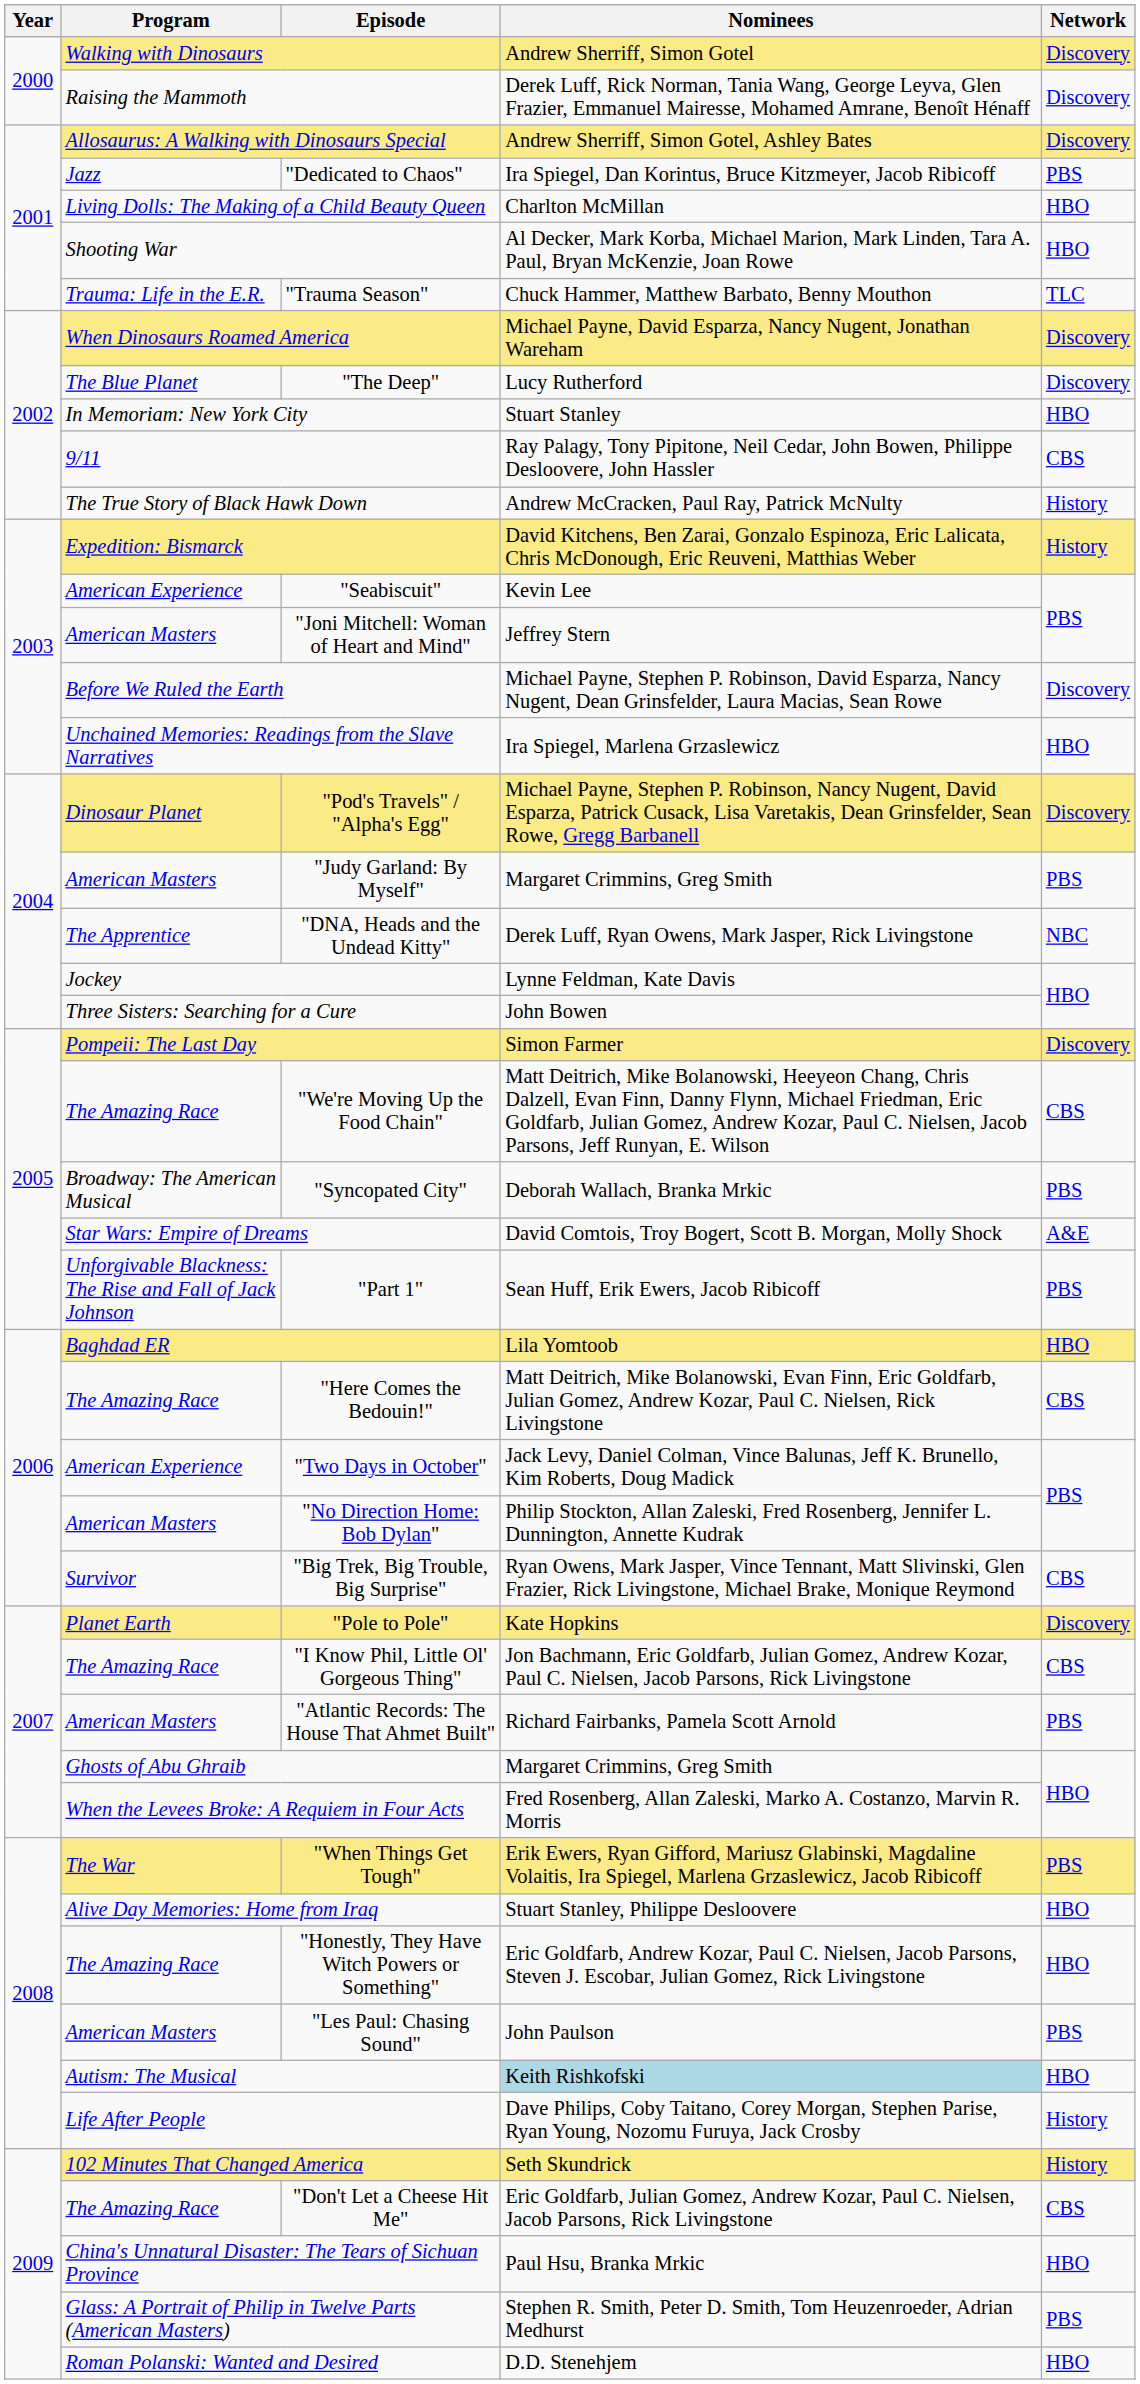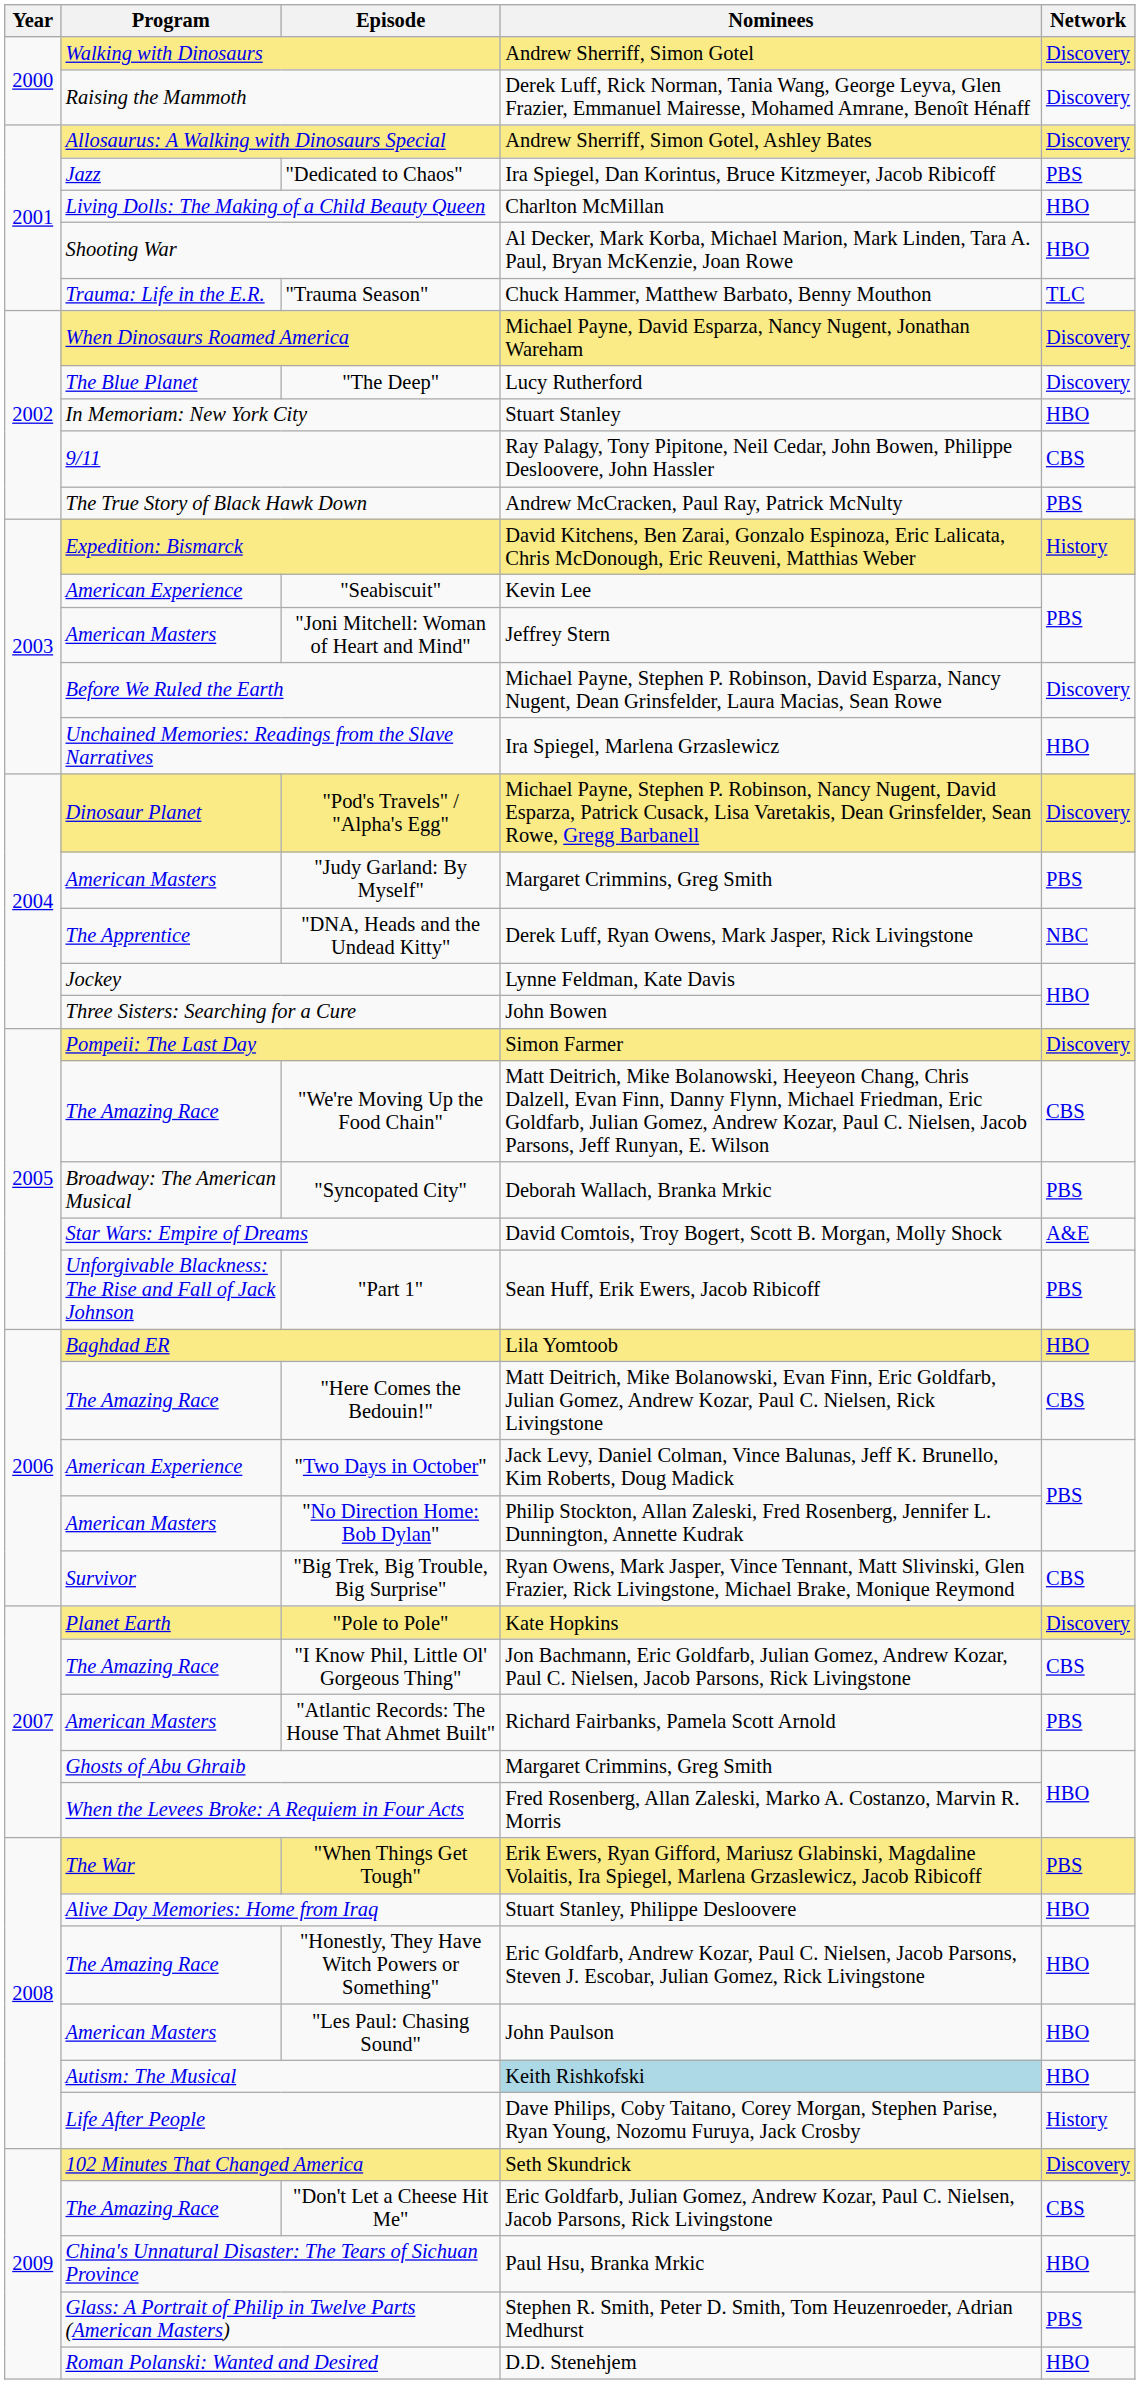 <table class="wikitable" style="width:100%">
 <tr style="background:#bebebe;">
 <th style="width:5%;">Year</th>
 <th style="width:20%;">Program</th>
 <th style="width:20%;">Episode</th>
 <th style="width:50%;">Nominees</th>
 <th style="width:5%;">Network</th>
 </tr>
 <tr>
 <td rowspan=2 style="text-align:center;"><a href='#'>2000</a><br></td>
 <td style="background:#FAEB86;" colspan=2><em><a href='#'>Walking with Dinosaurs</a></em></td>
 <td style="background:#FAEB86;">Andrew Sherriff, Simon Gotel</td>
 <td style="background:#FAEB86;"><a href='#'>Discovery</a></td>
 </tr>
 <tr>
 <td colspan=2><em>Raising the Mammoth</em></td>
 <td>Derek Luff, Rick Norman, Tania Wang, George Leyva, Glen Frazier, Emmanuel Mairesse, Mohamed Amrane, Benoît Hénaff</td>
 <td><a href='#'>Discovery</a></td>
 </tr>
 <tr>
 <td rowspan=5 style="text-align:center;"><a href='#'>2001</a><br></td>
 <td style="background:#FAEB86;" colspan=2><em><a href='#'>Allosaurus: A Walking with Dinosaurs Special</a></em></td>
 <td style="background:#FAEB86;">Andrew Sherriff, Simon Gotel, Ashley Bates</td>
 <td style="background:#FAEB86;"><a href='#'>Discovery</a></td>
 </tr>
 <tr>
 <td><em><a href='#'>Jazz</a></em></td>
 <td>"Dedicated to Chaos"</td>
 <td>Ira Spiegel, Dan Korintus, Bruce Kitzmeyer, Jacob Ribicoff</td>
 <td><a href='#'>PBS</a></td>
 </tr>
 <tr>
 <td colspan=2><em><a href='#'>Living Dolls: The Making of a Child Beauty Queen</a></em></td>
 <td>Charlton McMillan</td>
 <td><a href='#'>HBO</a></td>
 </tr>
 <tr>
 <td colspan=2><em>Shooting War</em></td>
 <td>Al Decker, Mark Korba, Michael Marion, Mark Linden, Tara A. Paul, Bryan McKenzie, Joan Rowe</td>
 <td><a href='#'>HBO</a></td>
 </tr>
 <tr>
 <td><em><a href='#'>Trauma: Life in the E.R.</a></em></td>
 <td>"Trauma Season"</td>
 <td>Chuck Hammer, Matthew Barbato, Benny Mouthon</td>
 <td><a href='#'>TLC</a></td>
 </tr>
 <tr>
 <td rowspan=5 style="text-align:center;"><a href='#'>2002</a><br></td>
 <td style="background:#FAEB86;" colspan=2><em><a href='#'>When Dinosaurs Roamed America</a></em></td>
 <td style="background:#FAEB86;">Michael Payne, David Esparza, Nancy Nugent, Jonathan Wareham</td>
 <td style="background:#FAEB86;"><a href='#'>Discovery</a></td>
 </tr>
 <tr>
 <td><em><a href='#'>The Blue Planet</a></em></td>
 <td align=center>"The Deep"</td>
 <td>Lucy Rutherford</td>
 <td><a href='#'>Discovery</a></td>
 </tr>
 <tr>
 <td colspan=2><em>In Memoriam: New York City</em></td>
 <td>Stuart Stanley</td>
 <td><a href='#'>HBO</a></td>
 </tr>
 <tr>
 <td colspan=2><em><a href='#'>9/11</a></em></td>
 <td>Ray Palagy, Tony Pipitone, Neil Cedar, John Bowen, Philippe Desloovere, John Hassler</td>
 <td><a href='#'>CBS</a></td>
 </tr>
 <tr>
 <td colspan=2><em>The True Story of Black Hawk Down</em></td>
 <td>Andrew McCracken, Paul Ray, Patrick McNulty</td>
-<td><a href='#'>History</a></td>
+<td><a href='#'>PBS</a></td>
 </tr>
 <tr>
 <td rowspan=5 style="text-align:center;"><a href='#'>2003</a><br></td>
 <td style="background:#FAEB86;" colspan=2><em><a href='#'>Expedition: Bismarck</a></em></td>
 <td style="background:#FAEB86;">David Kitchens, Ben Zarai, Gonzalo Espinoza, Eric Lalicata, Chris McDonough, Eric Reuveni, Matthias Weber</td>
 <td style="background:#FAEB86;"><a href='#'>History</a></td>
 </tr>
 <tr>
 <td><em><a href='#'>American Experience</a></em></td>
 <td align=center>"Seabiscuit"</td>
 <td>Kevin Lee</td>
 <td rowspan=2><a href='#'>PBS</a></td>
 </tr>
 <tr>
 <td><em><a href='#'>American Masters</a></em></td>
 <td align=center>"Joni Mitchell: Woman of Heart and Mind"</td>
 <td>Jeffrey Stern</td>
 </tr>
 <tr>
 <td colspan=2><em><a href='#'>Before We Ruled the Earth</a></em></td>
 <td>Michael Payne, Stephen P. Robinson, David Esparza, Nancy Nugent, Dean Grinsfelder, Laura Macias, Sean Rowe</td>
 <td><a href='#'>Discovery</a></td>
 </tr>
 <tr>
 <td colspan=2><em><a href='#'>Unchained Memories: Readings from the Slave Narratives</a></em></td>
 <td>Ira Spiegel, Marlena Grzaslewicz</td>
 <td><a href='#'>HBO</a></td>
 </tr>
 <tr>
 <td rowspan=5 style="text-align:center;"><a href='#'>2004</a><br></td>
 <td style="background:#FAEB86;"><em><a href='#'>Dinosaur Planet</a></em></td>
 <td style="background:#FAEB86;"  align=center>"Pod's Travels" / "Alpha's Egg"</td>
 <td style="background:#FAEB86;">Michael Payne, Stephen P. Robinson, Nancy Nugent, David Esparza, Patrick Cusack, Lisa Varetakis, Dean Grinsfelder, Sean Rowe, <a href='#'>Gregg Barbanell</a></td>
 <td style="background:#FAEB86;"><a href='#'>Discovery</a></td>
 </tr>
 <tr>
 <td><em><a href='#'>American Masters</a></em></td>
 <td align=center>"Judy Garland: By Myself"</td>
 <td>Margaret Crimmins, Greg Smith</td>
 <td><a href='#'>PBS</a></td>
 </tr>
 <tr>
 <td><em><a href='#'>The Apprentice</a></em></td>
 <td align=center>"DNA, Heads and the Undead Kitty"</td>
 <td>Derek Luff, Ryan Owens, Mark Jasper, Rick Livingstone</td>
 <td><a href='#'>NBC</a></td>
 </tr>
 <tr>
 <td colspan=2><em>Jockey</em></td>
 <td>Lynne Feldman, Kate Davis</td>
 <td rowspan=2><a href='#'>HBO</a></td>
 </tr>
 <tr>
 <td colspan=2><em>Three Sisters: Searching for a Cure</em></td>
 <td>John Bowen</td>
 </tr>
 <tr>
 <td rowspan=5 style="text-align:center;"><a href='#'>2005</a><br></td>
 <td style="background:#FAEB86;" colspan=2><em><a href='#'>Pompeii: The Last Day</a></em></td>
 <td style="background:#FAEB86;">Simon Farmer</td>
 <td style="background:#FAEB86;"><a href='#'>Discovery</a></td>
 </tr>
 <tr>
 <td><em><a href='#'>The Amazing Race</a></em></td>
 <td align=center>"We're Moving Up the Food Chain"</td>
 <td>Matt Deitrich, Mike Bolanowski, Heeyeon Chang, Chris Dalzell, Evan Finn, Danny Flynn, Michael Friedman, Eric Goldfarb, Julian Gomez, Andrew Kozar, Paul C. Nielsen, Jacob Parsons, Jeff Runyan, E. Wilson</td>
 <td><a href='#'>CBS</a></td>
 </tr>
 <tr>
 <td><em>Broadway: The American Musical</em></td>
 <td align=center>"Syncopated City"</td>
 <td>Deborah Wallach, Branka Mrkic</td>
 <td><a href='#'>PBS</a></td>
 </tr>
 <tr>
 <td colspan=2><em><a href='#'>Star Wars: Empire of Dreams</a></em></td>
 <td>David Comtois, Troy Bogert, Scott B. Morgan, Molly Shock</td>
 <td><a href='#'>A&E</a></td>
 </tr>
 <tr>
 <td><em><a href='#'>Unforgivable Blackness: The Rise and Fall of Jack Johnson</a></em></td>
 <td align=center>"Part 1"</td>
 <td>Sean Huff, Erik Ewers, Jacob Ribicoff</td>
 <td><a href='#'>PBS</a></td>
 </tr>
 <tr>
 <td rowspan=5 style="text-align:center;"><a href='#'>2006</a><br></td>
 <td style="background:#FAEB86;" colspan=2><em><a href='#'>Baghdad ER</a></em></td>
 <td style="background:#FAEB86;">Lila Yomtoob</td>
 <td style="background:#FAEB86;"><a href='#'>HBO</a></td>
 </tr>
 <tr>
 <td><em><a href='#'>The Amazing Race</a></em></td>
 <td align=center>"Here Comes the Bedouin!"</td>
 <td>Matt Deitrich, Mike Bolanowski, Evan Finn, Eric Goldfarb, Julian Gomez, Andrew Kozar, Paul C. Nielsen, Rick Livingstone</td>
 <td><a href='#'>CBS</a></td>
 </tr>
 <tr>
 <td><em><a href='#'>American Experience</a></em></td>
 <td align=center>"<a href='#'>Two Days in October</a>"</td>
 <td>Jack Levy, Daniel Colman, Vince Balunas, Jeff K. Brunello, Kim Roberts, Doug Madick</td>
 <td rowspan=2><a href='#'>PBS</a></td>
 </tr>
 <tr>
 <td><em><a href='#'>American Masters</a></em></td>
 <td align=center>"<a href='#'>No Direction Home: Bob Dylan</a>"</td>
 <td>Philip Stockton, Allan Zaleski, Fred Rosenberg, Jennifer L. Dunnington, Annette Kudrak</td>
 </tr>
 <tr>
 <td><em><a href='#'>Survivor</a></em></td>
 <td align=center>"Big Trek, Big Trouble, Big Surprise"</td>
 <td>Ryan Owens, Mark Jasper, Vince Tennant, Matt Slivinski, Glen Frazier, Rick Livingstone, Michael Brake, Monique Reymond</td>
 <td><a href='#'>CBS</a></td>
 </tr>
 <tr>
 <td rowspan=5 style="text-align:center;"><a href='#'>2007</a><br></td>
 <td style="background:#FAEB86;"><em><a href='#'>Planet Earth</a></em></td>
 <td style="background:#FAEB86;"  align=center>"Pole to Pole"</td>
 <td style="background:#FAEB86;">Kate Hopkins</td>
 <td style="background:#FAEB86;"><a href='#'>Discovery</a></td>
 </tr>
 <tr>
 <td><em><a href='#'>The Amazing Race</a></em></td>
 <td align=center>"I Know Phil, Little Ol' Gorgeous Thing"</td>
 <td>Jon Bachmann, Eric Goldfarb, Julian Gomez, Andrew Kozar, Paul C. Nielsen, Jacob Parsons, Rick Livingstone</td>
 <td><a href='#'>CBS</a></td>
 </tr>
 <tr>
 <td><em><a href='#'>American Masters</a></em></td>
 <td align=center>"Atlantic Records: The House That Ahmet Built"</td>
 <td>Richard Fairbanks, Pamela Scott Arnold</td>
 <td><a href='#'>PBS</a></td>
 </tr>
 <tr>
 <td colspan=2><em><a href='#'>Ghosts of Abu Ghraib</a></em></td>
 <td>Margaret Crimmins, Greg Smith</td>
 <td rowspan=2><a href='#'>HBO</a></td>
 </tr>
 <tr>
 <td colspan=2><em><a href='#'>When the Levees Broke: A Requiem in Four Acts</a></em></td>
 <td>Fred Rosenberg, Allan Zaleski, Marko A. Costanzo, Marvin R. Morris</td>
 </tr>
 <tr>
 <td rowspan=6 style="text-align:center;"><a href='#'>2008</a><br></td>
 <td style="background:#FAEB86;"><em><a href='#'>The War</a></em></td>
 <td style="background:#FAEB86;"  align=center>"When Things Get Tough"</td>
 <td style="background:#FAEB86;">Erik Ewers, Ryan Gifford, Mariusz Glabinski, Magdaline Volaitis, Ira Spiegel, Marlena Grzaslewicz, Jacob Ribicoff</td>
 <td style="background:#FAEB86;"><a href='#'>PBS</a></td>
 </tr>
 <tr>
 <td colspan=2><em><a href='#'>Alive Day Memories: Home from Iraq</a></em></td>
 <td>Stuart Stanley, Philippe Desloovere</td>
 <td><a href='#'>HBO</a></td>
 </tr>
 <tr>
 <td><em><a href='#'>The Amazing Race</a></em></td>
 <td align=center>"Honestly, They Have Witch Powers or Something"</td>
 <td>Eric Goldfarb, Andrew Kozar, Paul C. Nielsen, Jacob Parsons, Steven J. Escobar, Julian Gomez, Rick Livingstone</td>
 <td><a href='#'>HBO</a></td>
 </tr>
 <tr>
 <td><em><a href='#'>American Masters</a></em></td>
 <td align=center>"Les Paul: Chasing Sound"</td>
 <td>John Paulson</td>
-<td><a href='#'>PBS</a></td>
+<td><a href='#'>HBO</a></td>
 </tr>
 <tr>
 <td colspan=2><em><a href='#'>Autism: The Musical</a></em></td>
 <td style="background: lightblue;">Keith Rishkofski</td>
 <td><a href='#'>HBO</a></td>
 </tr>
 <tr>
 <td colspan=2><em><a href='#'>Life After People</a></em></td>
 <td>Dave Philips, Coby Taitano, Corey Morgan, Stephen Parise, Ryan Young, Nozomu Furuya, Jack Crosby</td>
 <td><a href='#'>History</a></td>
 </tr>
 <tr>
 <td rowspan=5 style="text-align:center;"><a href='#'>2009</a><br></td>
 <td style="background:#FAEB86;" colspan=2><em><a href='#'>102 Minutes That Changed America</a></em></td>
 <td style="background:#FAEB86;">Seth Skundrick</td>
-<td style="background:#FAEB86;"><a href='#'>History</a></td>
+<td style="background:#FAEB86;"><a href='#'>Discovery</a></td>
 </tr>
 <tr>
 <td><em><a href='#'>The Amazing Race</a></em></td>
 <td align=center>"Don't Let a Cheese Hit Me"</td>
 <td>Eric Goldfarb, Julian Gomez, Andrew Kozar, Paul C. Nielsen, Jacob Parsons, Rick Livingstone</td>
 <td><a href='#'>CBS</a></td>
 </tr>
 <tr>
 <td colspan=2><em><a href='#'>China's Unnatural Disaster: The Tears of Sichuan Province</a></em></td>
 <td>Paul Hsu, Branka Mrkic</td>
 <td><a href='#'>HBO</a></td>
 </tr>
 <tr>
 <td colspan=2><em><a href='#'>Glass: A Portrait of Philip in Twelve Parts</a> (<a href='#'>American Masters</a>)</em></td>
 <td>Stephen R. Smith, Peter D. Smith, Tom Heuzenroeder, Adrian Medhurst</td>
 <td><a href='#'>PBS</a></td>
 </tr>
 <tr>
 <td colspan=2><em><a href='#'>Roman Polanski: Wanted and Desired</a></em></td>
 <td>D.D. Stenehjem</td>
 <td><a href='#'>HBO</a></td>
 </tr>
 </table>
